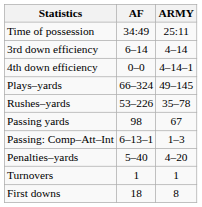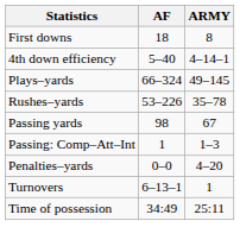 <table class="wikitable">
 <tr>
 <th>Statistics</th>
 <th>AF</th>
 <th>ARMY</th>
 </tr>
 <tr>
-<td>Time of possession</td>
-<td align=center>34:49</td>
-<td align=center>25:11</td>
-</tr>
-<tr>
-<td>3rd down efficiency</td>
-<td align=center>6–14</td>
-<td align=center>4–14</td>
+<td>First downs</td>
+<td align=center>18</td>
+<td align=center>8</td>
 </tr>
 <tr>
 <td>4th down efficiency</td>
-<td align=center>0–0</td>
+<td align=center>5–40</td>
 <td align=center>4–14–1</td>
 </tr>
 <tr>
 <td>Plays–yards</td>
 <td align=center>66–324</td>
 <td align=center>49–145</td>
 </tr>
 <tr>
 <td>Rushes–yards</td>
 <td align=center>53–226</td>
 <td align=center>35–78</td>
 </tr>
 <tr>
 <td>Passing yards</td>
 <td align=center>98</td>
 <td align=center>67</td>
 </tr>
 <tr>
 <td>Passing: Comp–Att–Int</td>
-<td align=center>6–13–1</td>
+<td align=center>1</td>
 <td align=center>1–3</td>
 </tr>
 <tr>
 <td>Penalties–yards</td>
-<td align=center>5–40</td>
+<td align=center>0–0</td>
 <td align=center>4–20</td>
 </tr>
 <tr>
 <td>Turnovers</td>
-<td align=center>1</td>
+<td align=center>6–13–1</td>
 <td align=center>1</td>
 </tr>
 <tr>
-<td>First downs</td>
-<td align=center>18</td>
-<td align=center>8</td>
+<td>Time of possession</td>
+<td align=center>34:49</td>
+<td align=center>25:11</td>
 </tr>
 </table>
